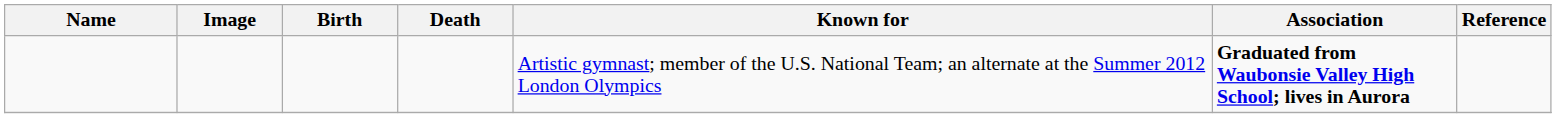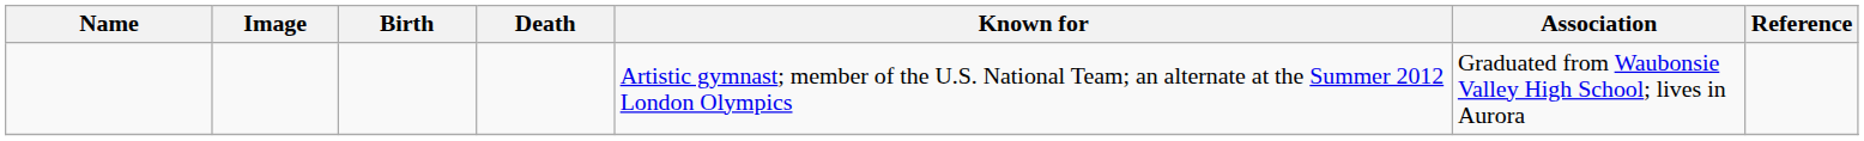 <table class="wikitable sortable">
 <tr>
 <th scope="col" width="140">Name</th>
 <th scope="col" width="80" class="unsortable">Image</th>
 <th scope="col" width="90">Birth</th>
 <th scope="col" width="90">Death</th>
 <th scope="col" width="600" class="unsortable">Known for</th>
 <th scope="col" width="200" class="unsortable">Association</th>
 <th scope="col" width="30" class="unsortable">Reference</th>
 </tr>
 <tr>
 <td></td>
 <td></td>
 <td align=right></td>
 <td align=right></td>
 <td><a href='#'>Artistic gymnast</a>; member of the U.S. National Team; an alternate at the <a href='#'>Summer 2012 London Olympics</a></td>
-<td><strong>Graduated from <a href='#'>Waubonsie Valley High School</a>; lives in Aurora</strong></td>
+<td>Graduated from <a href='#'>Waubonsie Valley High School</a>; lives in Aurora</td>
 <td align="center"></td>
 </tr>
 <tr>
 </tr>
 </table>
